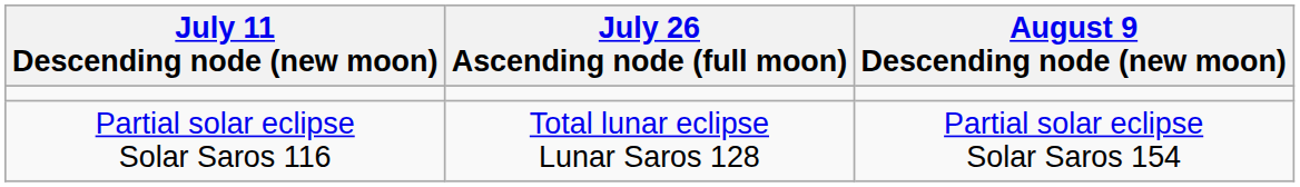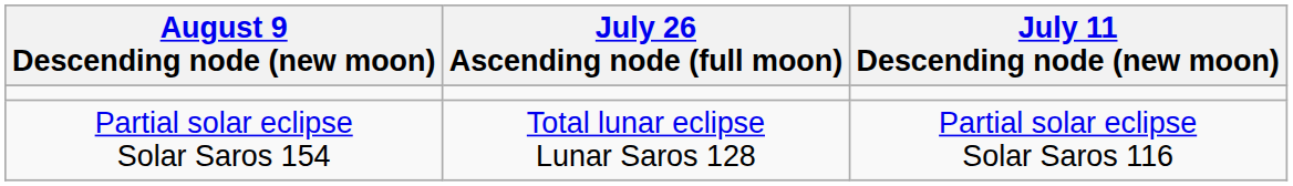 <table class="wikitable">
 <tr>
+<th><a href='#'>August 9</a><br>Descending node (new moon)<br></th>
+<th><a href='#'>July 26</a><br>Ascending node (full moon)</th>
 <th><a href='#'>July 11</a><br>Descending node (new moon)<br></th>
-<th><a href='#'>July 26</a><br>Ascending node (full moon)</th>
-<th><a href='#'>August 9</a><br>Descending node (new moon)<br></th>
 </tr>
 <tr>
 <td></td>
 <td></td>
 <td></td>
 </tr>
 <tr align=center>
+<td><a href='#'>Partial solar eclipse</a><br>Solar Saros 154</td>
+<td><a href='#'>Total lunar eclipse</a><br>Lunar Saros 128</td>
 <td><a href='#'>Partial solar eclipse</a><br>Solar Saros 116</td>
-<td><a href='#'>Total lunar eclipse</a><br>Lunar Saros 128</td>
-<td><a href='#'>Partial solar eclipse</a><br>Solar Saros 154</td>
 </tr>
 </table>
